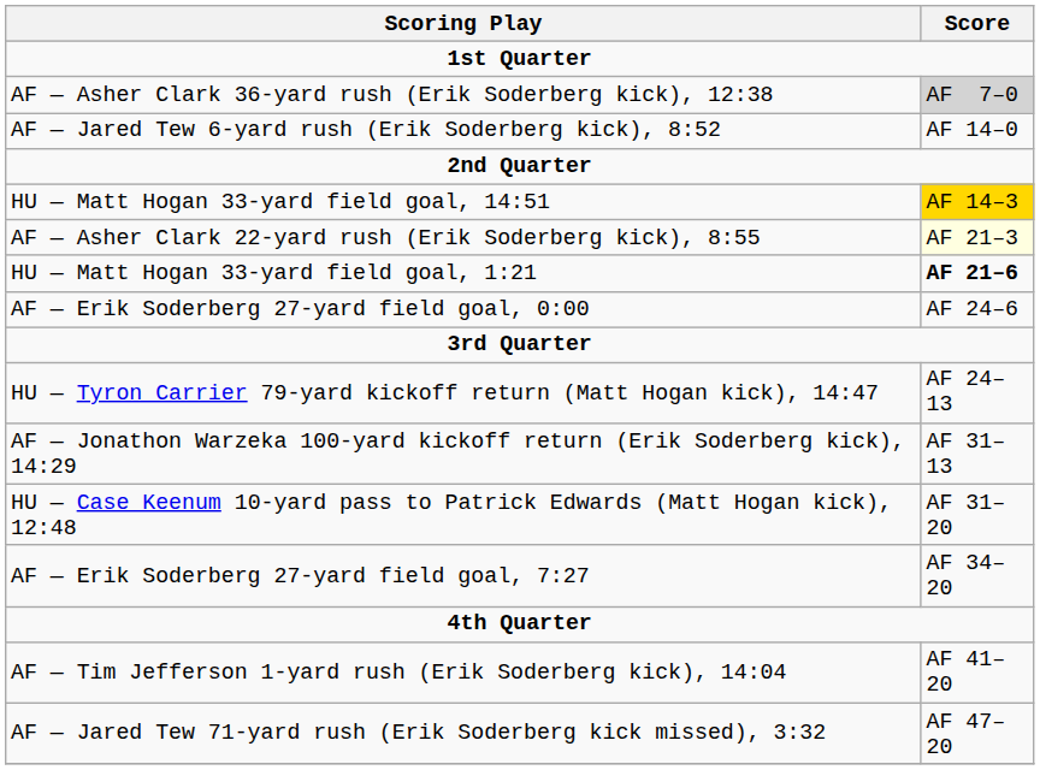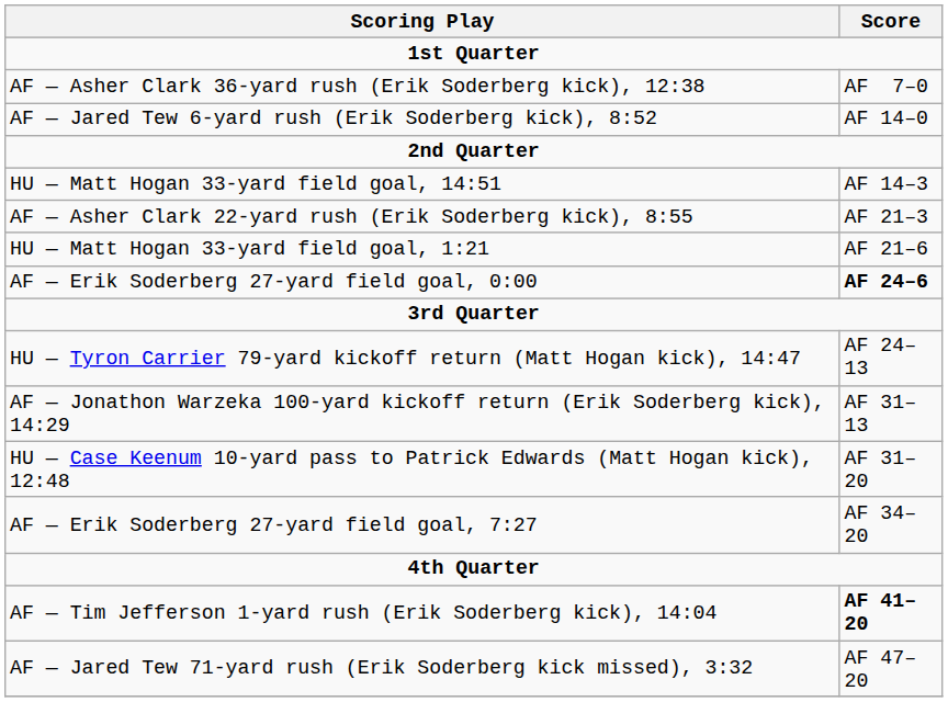 <table class="wikitable">
 <tr>
 <th>Scoring Play</th>
 <th>Score</th>
 </tr>
 <tr>
 <td colspan="4" align="center"><strong>1st Quarter</strong></td>
 </tr>
 <tr>
 <td>AF — Asher Clark 36-yard rush (Erik Soderberg kick), 12:38</td>
-<td style="background: lightgrey;">AF  7–0</td>
+<td>AF  7–0</td>
 </tr>
 <tr>
 <td>AF — Jared Tew 6-yard rush (Erik Soderberg kick), 8:52</td>
 <td>AF 14–0</td>
 </tr>
 <tr>
 <td colspan="4" align="center"><strong>2nd Quarter</strong></td>
 </tr>
 <tr>
 <td>HU — Matt Hogan 33-yard field goal, 14:51</td>
-<td style="background: gold;">AF 14–3</td>
+<td>AF 14–3</td>
 </tr>
 <tr>
 <td>AF — Asher Clark 22-yard rush (Erik Soderberg kick), 8:55</td>
-<td style="background: lightyellow;">AF 21–3</td>
+<td>AF 21–3</td>
 </tr>
 <tr>
 <td>HU — Matt Hogan 33-yard field goal, 1:21</td>
-<td><strong>AF 21–6</strong></td>
+<td>AF 21–6</td>
 </tr>
 <tr>
 <td>AF — Erik Soderberg 27-yard field goal, 0:00</td>
-<td>AF 24–6</td>
+<td><strong>AF 24–6</strong></td>
 </tr>
 <tr>
 <td colspan="4" align="center"><strong>3rd Quarter</strong></td>
 </tr>
 <tr>
 <td>HU — <a href='#'>Tyron Carrier</a> 79-yard kickoff return (Matt Hogan kick), 14:47</td>
 <td>AF 24–13</td>
 </tr>
 <tr>
 <td>AF — Jonathon Warzeka 100-yard kickoff return (Erik Soderberg kick), 14:29</td>
 <td>AF 31–13</td>
 </tr>
 <tr>
 <td>HU — <a href='#'>Case Keenum</a> 10-yard pass to Patrick Edwards (Matt Hogan kick), 12:48</td>
 <td>AF 31–20</td>
 </tr>
 <tr>
 <td>AF — Erik Soderberg 27-yard field goal, 7:27</td>
 <td>AF 34–20</td>
 </tr>
 <tr>
 <td colspan="4" align="center"><strong>4th Quarter</strong></td>
 </tr>
 <tr>
 <td>AF — Tim Jefferson 1-yard rush (Erik Soderberg kick), 14:04</td>
-<td>AF 41–20</td>
+<td><strong>AF 41–20</strong></td>
 </tr>
 <tr>
 <td>AF — Jared Tew 71-yard rush (Erik Soderberg kick missed), 3:32</td>
 <td>AF 47–20</td>
 </tr>
 <tr>
 </tr>
 </table>
